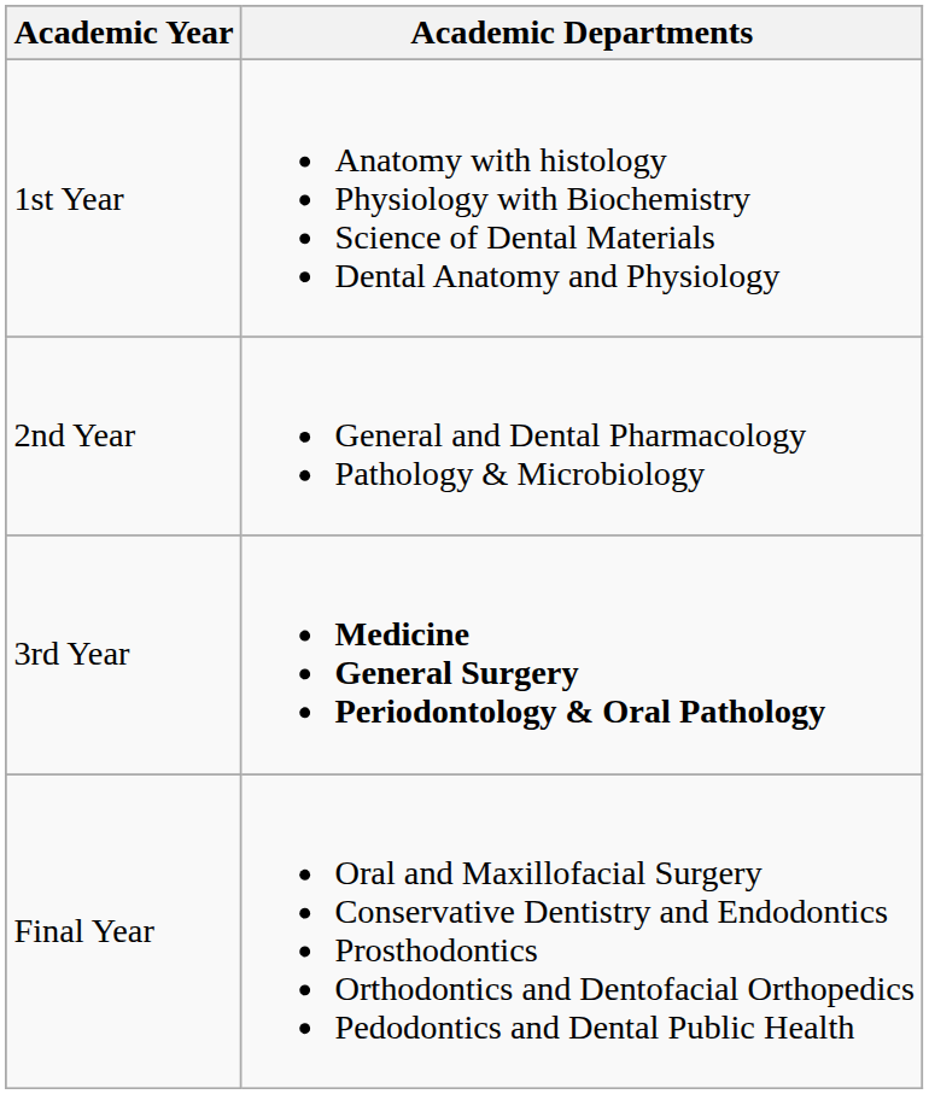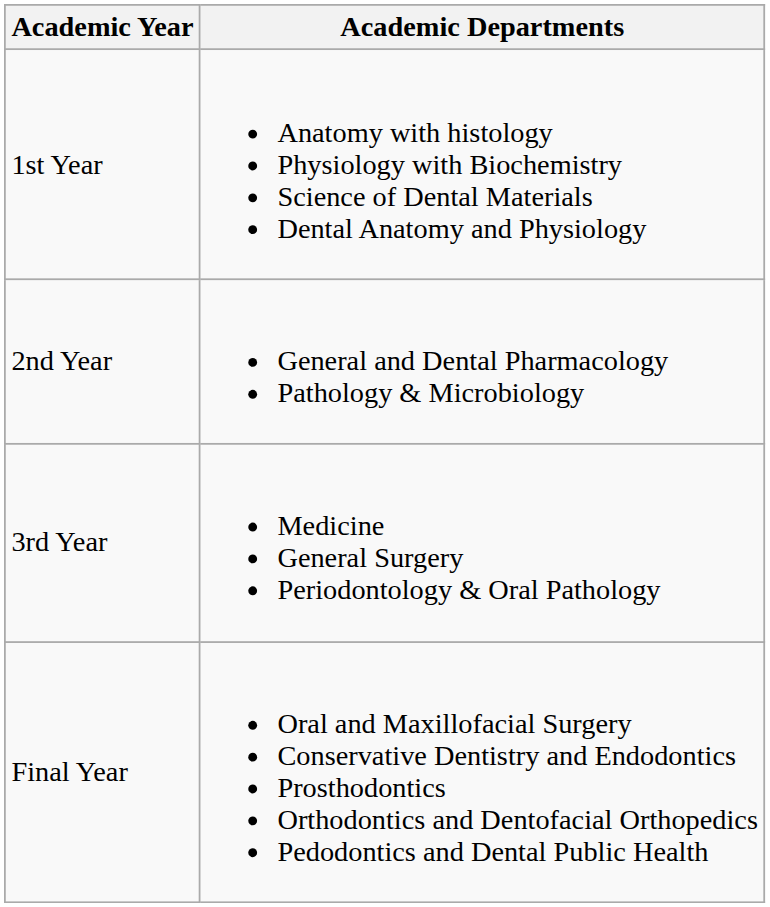 <table class="wikitable">
 <tr>
 <th>Academic Year</th>
 <th>Academic Departments</th>
 </tr>
 <tr>
 <td>1st Year</td>
 <td><br><ul><li>Anatomy with histology</li><li>Physiology with Biochemistry</li><li>Science of Dental Materials</li><li>Dental Anatomy and Physiology</li></ul></td>
 </tr>
 <tr>
 <td>2nd Year</td>
 <td><br><ul><li>General and Dental Pharmacology</li><li>Pathology & Microbiology</li></ul></td>
 </tr>
 <tr>
 <td>3rd Year</td>
-<td><strong><br><ul><li>Medicine</li><li>General Surgery</li><li>Periodontology & Oral Pathology</li></ul></strong></td>
+<td><br><ul><li>Medicine</li><li>General Surgery</li><li>Periodontology & Oral Pathology</li></ul></td>
 </tr>
 <tr>
 <td>Final Year</td>
 <td><br><ul><li>Oral and Maxillofacial Surgery</li><li>Conservative Dentistry and Endodontics</li><li>Prosthodontics</li><li>Orthodontics and Dentofacial Orthopedics</li><li>Pedodontics and Dental Public Health</li></ul></td>
 </tr>
 </table>
